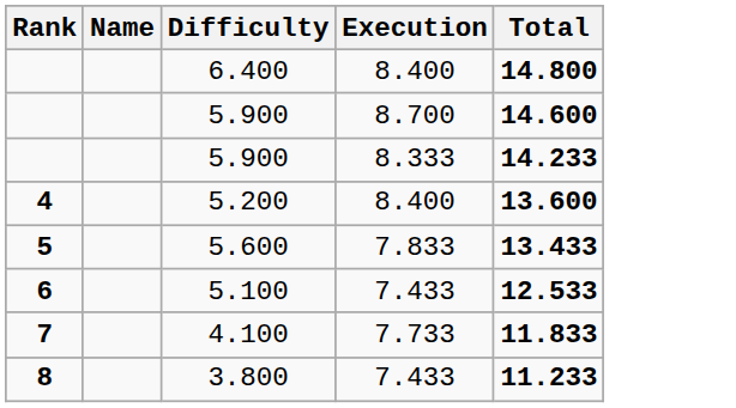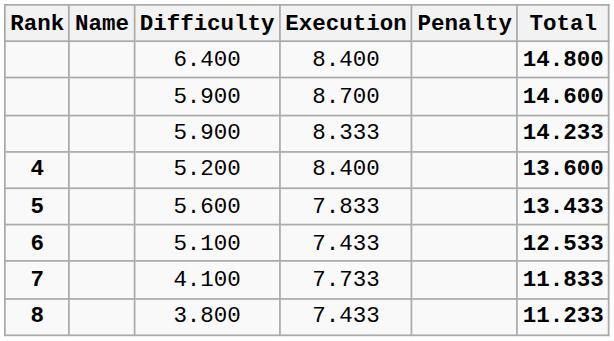 <table class="wikitable sortable" style="text-align:center">
 <tr>
 <th>Rank</th>
 <th>Name</th>
 <th>Difficulty</th>
 <th>Execution</th>
+<th>Penalty</th>
 <th>Total</th>
 </tr>
 <tr>
 <td></td>
 <td align="left"></td>
 <td>6.400</td>
 <td>8.400</td>
+<td></td>
 <td><strong>14.800</strong></td>
 </tr>
 <tr>
 <td></td>
 <td align="left"></td>
 <td>5.900</td>
 <td>8.700</td>
+<td></td>
 <td><strong>14.600</strong></td>
 </tr>
 <tr>
 <td></td>
 <td align="left"></td>
 <td>5.900</td>
 <td>8.333</td>
+<td></td>
 <td><strong>14.233</strong></td>
 </tr>
 <tr>
 <td><strong>4</strong></td>
 <td align="left"></td>
 <td>5.200</td>
 <td>8.400</td>
+<td></td>
 <td><strong>13.600</strong></td>
 </tr>
 <tr>
 <td><strong>5</strong></td>
 <td align="left"></td>
 <td>5.600</td>
 <td>7.833</td>
+<td></td>
 <td><strong>13.433</strong></td>
 </tr>
 <tr>
 <td><strong>6</strong></td>
 <td align="left"></td>
 <td>5.100</td>
 <td>7.433</td>
+<td></td>
 <td><strong>12.533</strong></td>
 </tr>
 <tr>
 <td><strong>7</strong></td>
 <td align="left"></td>
 <td>4.100</td>
 <td>7.733</td>
+<td></td>
 <td><strong>11.833</strong></td>
 </tr>
 <tr>
 <td><strong>8</strong></td>
 <td align="left"></td>
 <td>3.800</td>
 <td>7.433</td>
+<td></td>
 <td><strong>11.233</strong></td>
 </tr>
 </table>
